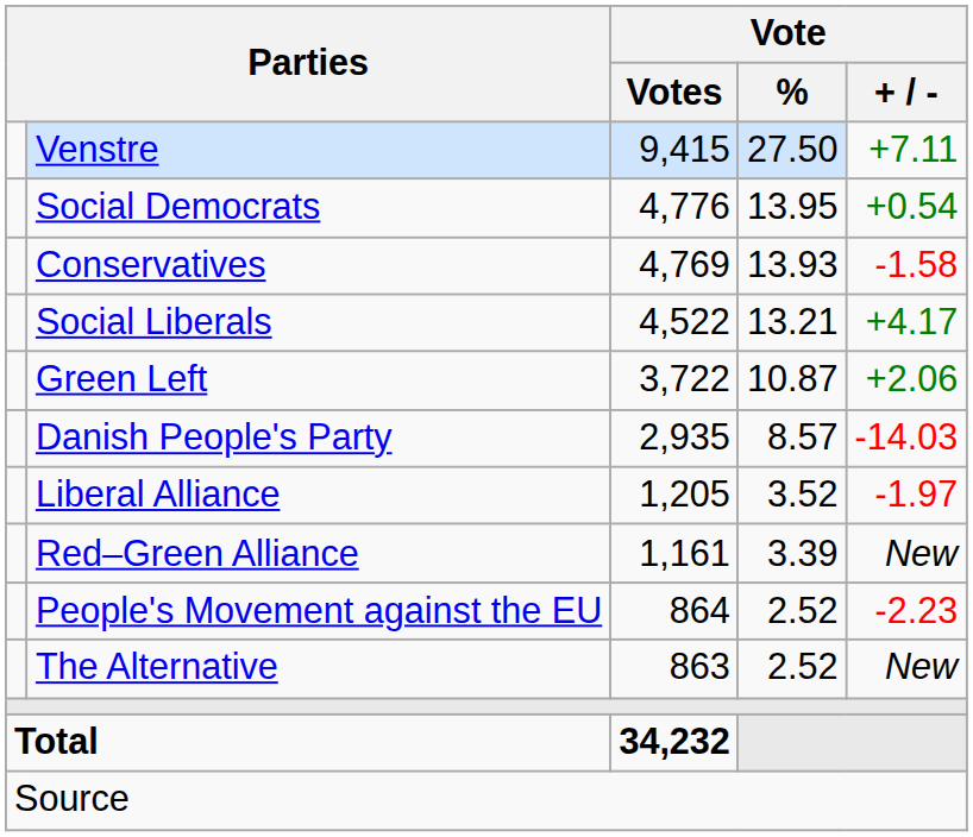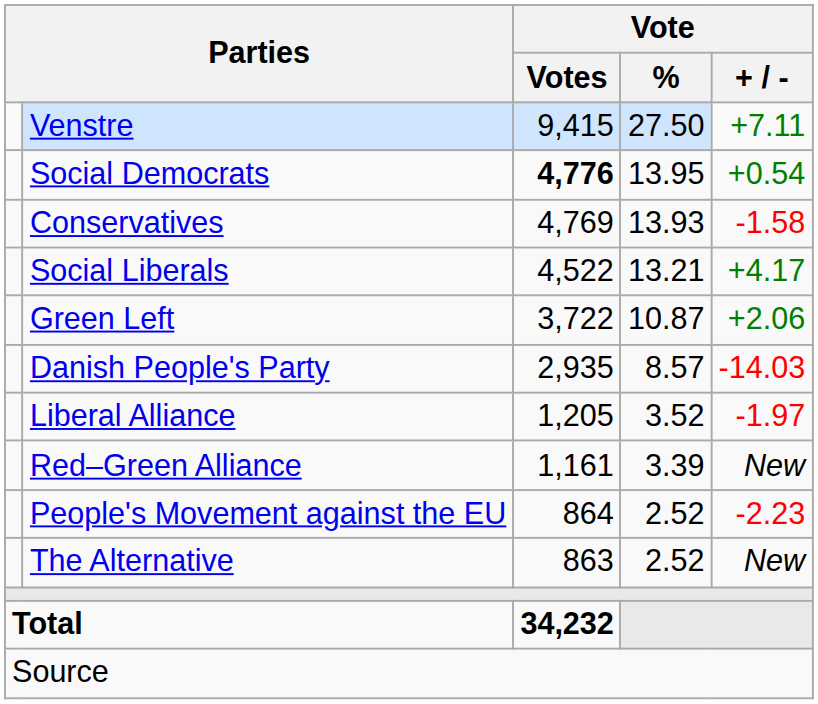 <table class="wikitable" style="text-align:right;">
 <tr>
 <th style="text-align:centre;" rowspan="2" colspan="2" width="225">Parties</th>
 <th colspan="3">Vote</th>
 </tr>
 <tr>
 <th width="15">Votes</th>
 <th width="15">%</th>
 <th width="15">+ / -</th>
 </tr>
 <tr>
 <td width="2" style="color:inherit;background:"></td>
 <td bgcolor=#cfe5fe   align="left"><a href='#'>Venstre</a></td>
 <td bgcolor=#cfe5fe>9,415</td>
 <td bgcolor=#cfe5fe>27.50</td>
 <td style=color:green;>+7.11</td>
 </tr>
 <tr>
 <td width="2" style="color:inherit;background:"></td>
 <td align="left"><a href='#'>Social Democrats</a></td>
-<td>4,776</td>
+<td><strong>4,776</strong></td>
 <td>13.95</td>
 <td style=color:green;>+0.54</td>
 </tr>
 <tr>
 <td width="2" style="color:inherit;background:"></td>
 <td align="left"><a href='#'>Conservatives</a></td>
 <td>4,769</td>
 <td>13.93</td>
 <td style=color:red;>-1.58</td>
 </tr>
 <tr>
 <td width="2" style="color:inherit;background:"></td>
 <td align="left"><a href='#'>Social Liberals</a></td>
 <td>4,522</td>
 <td>13.21</td>
 <td style=color:green;>+4.17</td>
 </tr>
 <tr>
 <td width="2" style="color:inherit;background:"></td>
 <td align="left"><a href='#'>Green Left</a></td>
 <td>3,722</td>
 <td>10.87</td>
 <td style=color:green;>+2.06</td>
 </tr>
 <tr>
 <td width="2" style="color:inherit;background:"></td>
 <td align="left"><a href='#'>Danish People's Party</a></td>
 <td>2,935</td>
 <td>8.57</td>
 <td style=color:red;>-14.03</td>
 </tr>
 <tr>
 <td width="2" style="color:inherit;background:"></td>
 <td align="left"><a href='#'>Liberal Alliance</a></td>
 <td>1,205</td>
 <td>3.52</td>
 <td style=color:red;>-1.97</td>
 </tr>
 <tr>
 <td width="2" style="color:inherit;background:"></td>
 <td align="left"><a href='#'>Red–Green Alliance</a></td>
 <td>1,161</td>
 <td>3.39</td>
 <td><em>New</em></td>
 </tr>
 <tr>
 <td width="2" style="color:inherit;background:"></td>
 <td align="left"><a href='#'>People's Movement against the EU</a></td>
 <td>864</td>
 <td>2.52</td>
 <td style=color:red;>-2.23</td>
 </tr>
 <tr>
 <td width="2" style="color:inherit;background:"></td>
 <td align="left"><a href='#'>The Alternative</a></td>
 <td>863</td>
 <td>2.52</td>
 <td><em>New</em></td>
 </tr>
 <tr>
 <td colspan="7" bgcolor="#E9E9E9"></td>
 </tr>
 <tr>
 <td align="left" colspan="2"><strong>Total</strong></td>
 <td><strong>34,232</strong></td>
 <td bgcolor="#E9E9E9" colspan="2"></td>
 </tr>
 <tr>
 <td align="left" colspan="6">Source</td>
 </tr>
 </table>
